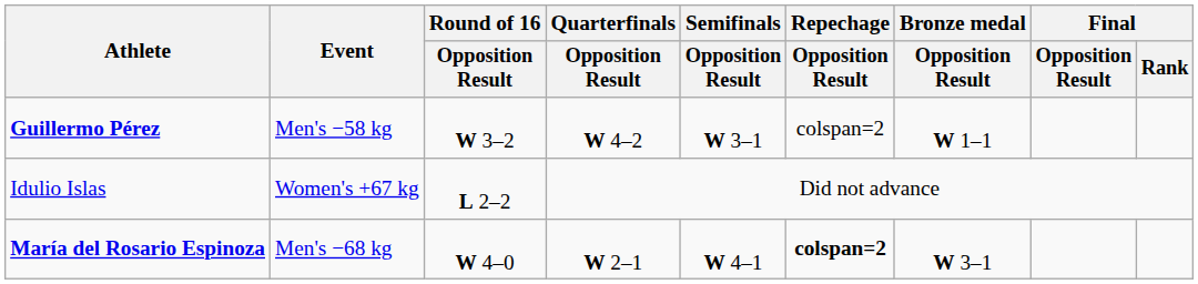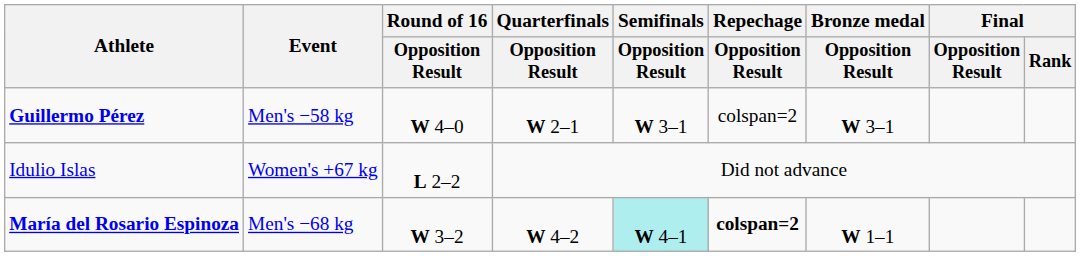 <table class="wikitable" style="font-size:90%">
 <tr>
 <th rowspan="2">Athlete</th>
 <th rowspan="2">Event</th>
 <th>Round of 16</th>
 <th>Quarterfinals</th>
 <th>Semifinals</th>
 <th>Repechage</th>
 <th>Bronze medal</th>
 <th colspan=2>Final</th>
 </tr>
 <tr style="font-size:95%">
 <th>Opposition<br>Result</th>
 <th>Opposition<br>Result</th>
 <th>Opposition<br>Result</th>
 <th>Opposition<br>Result</th>
 <th>Opposition<br>Result</th>
 <th>Opposition<br>Result</th>
 <th>Rank</th>
 </tr>
 <tr align=center>
 <td align=left><strong><a href='#'>Guillermo Pérez</a></strong></td>
 <td align=left><a href='#'>Men's −58 kg</a></td>
-<td><br><strong>W</strong> 3–2</td>
-<td><br><strong>W</strong> 4–2</td>
+<td><br><strong>W</strong> 4–0</td>
+<td><br><strong>W</strong> 2–1</td>
 <td><br><strong>W</strong> 3–1</td>
 <td>colspan=2 </td>
-<td><br><strong>W</strong> 1–1 </td>
+<td><br><strong>W</strong> 3–1</td>
 <td></td>
 </tr>
 <tr align=center>
 <td align=left><a href='#'>Idulio Islas</a></td>
 <td align=left><a href='#'>Women's +67 kg</a></td>
 <td><br><strong>L</strong> 2–2 </td>
 <td colspan=6>Did not advance</td>
 </tr>
 <tr align=center>
 <td align=left><strong><a href='#'>María del Rosario Espinoza</a></strong></td>
 <td align=left><a href='#'>Men's −68 kg</a></td>
-<td><br><strong>W</strong> 4–0</td>
-<td><br><strong>W</strong> 2–1</td>
-<td><br><strong>W</strong> 4–1</td>
+<td><br><strong>W</strong> 3–2</td>
+<td><br><strong>W</strong> 4–2</td>
+<td style="background: paleturquoise;"><br><strong>W</strong> 4–1</td>
 <td><strong>colspan=2 </strong></td>
-<td><br><strong>W</strong> 3–1</td>
+<td><br><strong>W</strong> 1–1 </td>
 <td></td>
 </tr>
 </table>
